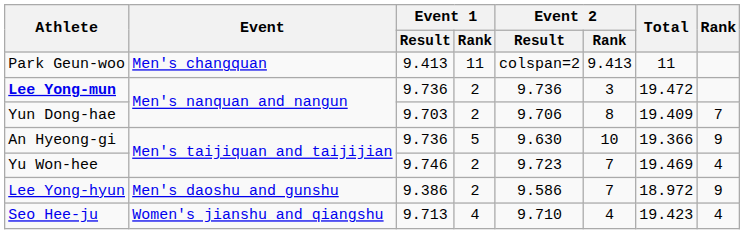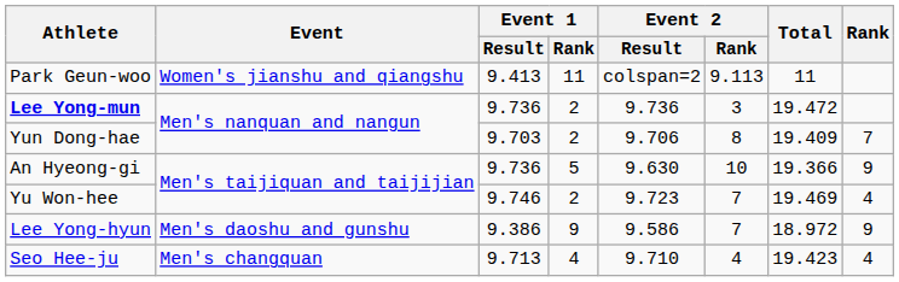 <table class=wikitable style=font-size:90%;text-align:center>
 <tr>
 <th rowspan="2">Athlete</th>
 <th rowspan="2">Event</th>
 <th colspan="2">Event 1</th>
 <th colspan="2">Event 2</th>
 <th rowspan="2">Total</th>
 <th rowspan="2">Rank</th>
 </tr>
 <tr style="font-size:95%">
 <th>Result</th>
 <th>Rank</th>
 <th>Result</th>
 <th>Rank</th>
 </tr>
 <tr>
 <td align=left>Park Geun-woo</td>
-<td align=left><a href='#'>Men's changquan</a></td>
+<td align=left><a href='#'>Women's jianshu and qiangshu</a></td>
 <td>9.413</td>
 <td>11</td>
 <td>colspan=2 </td>
-<td>9.413</td>
+<td>9.113</td>
 <td>11</td>
 </tr>
 <tr>
 <td align=left><strong><a href='#'>Lee Yong-mun</a></strong></td>
 <td align=left rowspan=2><a href='#'>Men's nanquan and nangun</a></td>
 <td>9.736</td>
 <td>2</td>
 <td>9.736</td>
 <td>3</td>
 <td>19.472</td>
 <td></td>
 </tr>
 <tr>
 <td align=left>Yun Dong-hae</td>
 <td>9.703</td>
 <td>2</td>
 <td>9.706</td>
 <td>8</td>
 <td>19.409</td>
 <td>7</td>
 </tr>
 <tr>
 <td align=left>An Hyeong-gi</td>
 <td align=left rowspan=2><a href='#'>Men's taijiquan and taijijian</a></td>
 <td>9.736</td>
 <td>5</td>
 <td>9.630</td>
 <td>10</td>
 <td>19.366</td>
 <td>9</td>
 </tr>
 <tr>
 <td align=left>Yu Won-hee</td>
 <td>9.746</td>
 <td>2</td>
 <td>9.723</td>
 <td>7</td>
 <td>19.469</td>
 <td>4</td>
 </tr>
 <tr>
 <td align=left><a href='#'>Lee Yong-hyun</a></td>
 <td align=left><a href='#'>Men's daoshu and gunshu</a></td>
 <td>9.386</td>
-<td>2</td>
+<td>9</td>
 <td>9.586</td>
 <td>7</td>
 <td>18.972</td>
 <td>9</td>
 </tr>
 <tr>
 <td align=left><a href='#'>Seo Hee-ju</a></td>
-<td align=left><a href='#'>Women's jianshu and qiangshu</a></td>
+<td align=left><a href='#'>Men's changquan</a></td>
 <td>9.713</td>
 <td>4</td>
 <td>9.710</td>
 <td>4</td>
 <td>19.423</td>
 <td>4</td>
 </tr>
 </table>
